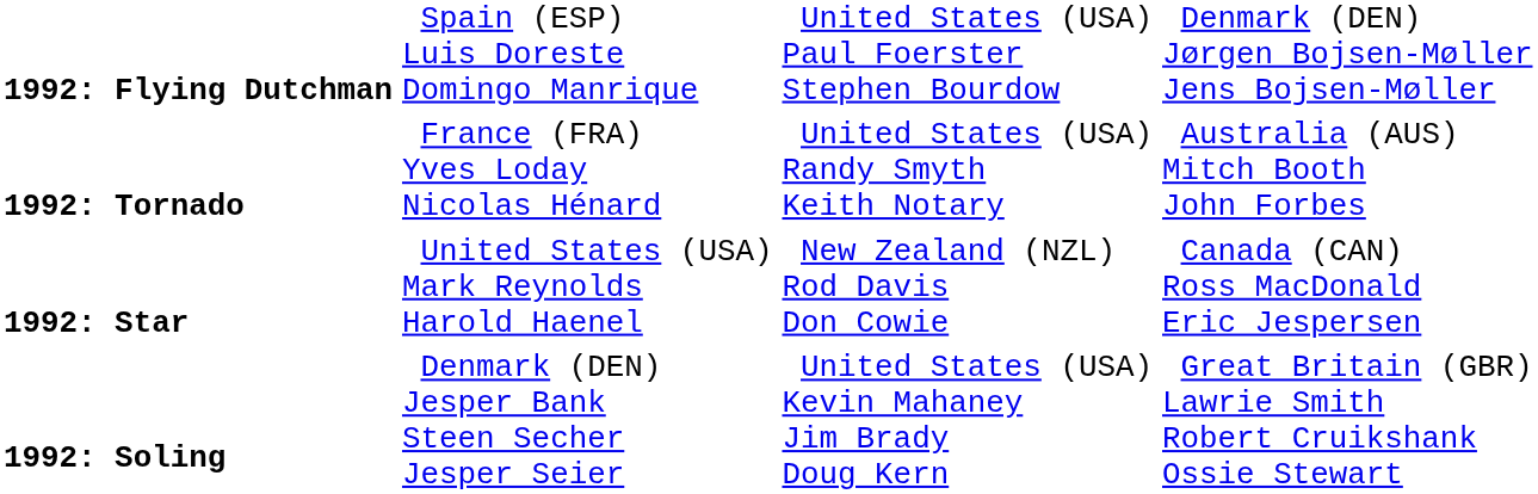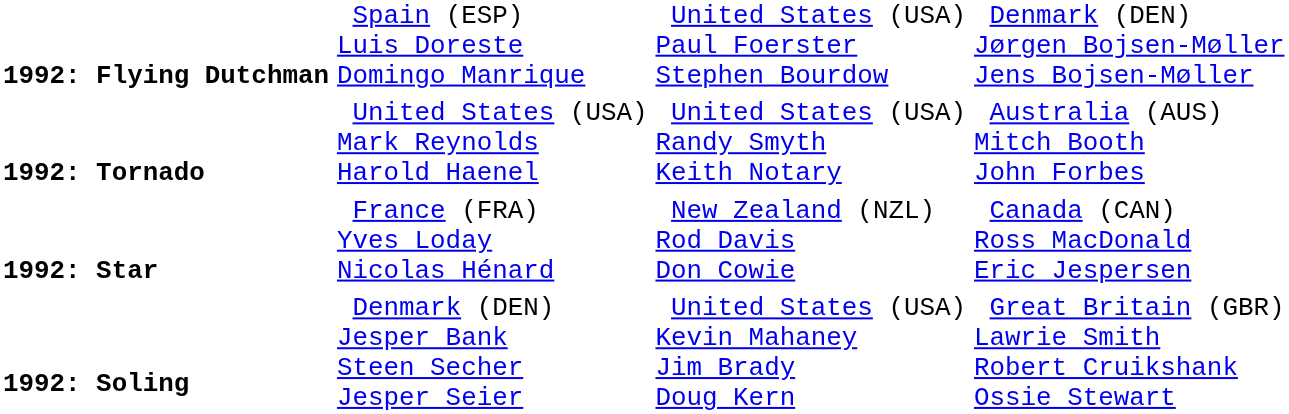 <table>
 <tr>
 <td style="align:center;"><br><br><strong>1992: Flying Dutchman</strong> <br></td>
 <td style="vertical-align:top;"> <a href='#'>Spain</a> <span>(ESP)</span><br><a href='#'>Luis Doreste</a><br><a href='#'>Domingo Manrique</a></td>
 <td style="vertical-align:top;"> <a href='#'>United States</a> <span>(USA)</span><br><a href='#'>Paul Foerster</a><br><a href='#'>Stephen Bourdow</a></td>
 <td style="vertical-align:top;"> <a href='#'>Denmark</a> <span>(DEN)</span><br><a href='#'>Jørgen Bojsen-Møller</a><br><a href='#'>Jens Bojsen-Møller</a></td>
 </tr>
 <tr>
 <td style="align:center;"><br><br><strong>1992: Tornado</strong> <br></td>
-<td style="vertical-align:top;"> <a href='#'>France</a> <span>(FRA)</span><br><a href='#'>Yves Loday</a><br><a href='#'>Nicolas Hénard</a></td>
+<td style="vertical-align:top;"> <a href='#'>United States</a> <span>(USA)</span><br><a href='#'>Mark Reynolds</a><br><a href='#'>Harold Haenel</a></td>
 <td style="vertical-align:top;"> <a href='#'>United States</a> <span>(USA)</span><br><a href='#'>Randy Smyth</a><br><a href='#'>Keith Notary</a></td>
 <td style="vertical-align:top;"> <a href='#'>Australia</a> <span>(AUS)</span><br><a href='#'>Mitch Booth</a><br><a href='#'>John Forbes</a></td>
 </tr>
 <tr>
 <td style="align:center;"><br><br><strong>1992: Star</strong> <br></td>
-<td style="vertical-align:top;"> <a href='#'>United States</a> <span>(USA)</span><br><a href='#'>Mark Reynolds</a><br><a href='#'>Harold Haenel</a></td>
+<td style="vertical-align:top;"> <a href='#'>France</a> <span>(FRA)</span><br><a href='#'>Yves Loday</a><br><a href='#'>Nicolas Hénard</a></td>
 <td style="vertical-align:top;"> <a href='#'>New Zealand</a> <span>(NZL)</span><br><a href='#'>Rod Davis</a><br><a href='#'>Don Cowie</a></td>
 <td style="vertical-align:top;"> <a href='#'>Canada</a> <span>(CAN)</span><br><a href='#'>Ross MacDonald</a><br><a href='#'>Eric Jespersen</a></td>
 </tr>
 <tr>
 <td style="align:center;"><br><br><strong>1992: Soling</strong> <br></td>
 <td style="vertical-align:top;"> <a href='#'>Denmark</a> <span>(DEN)</span><br><a href='#'>Jesper Bank</a><br><a href='#'>Steen Secher</a><br><a href='#'>Jesper Seier</a></td>
 <td style="vertical-align:top;"> <a href='#'>United States</a> <span>(USA)</span><br><a href='#'>Kevin Mahaney</a><br><a href='#'>Jim Brady</a><br><a href='#'>Doug Kern</a></td>
 <td style="vertical-align:top;"> <a href='#'>Great Britain</a> <span>(GBR)</span><br><a href='#'>Lawrie Smith</a><br><a href='#'>Robert Cruikshank</a><br><a href='#'>Ossie Stewart</a></td>
 </tr>
 </table>
